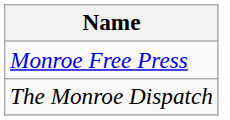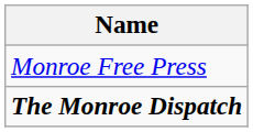 <table class="wikitable sortable">
 <tr>
 <th>Name</th>
 </tr>
 <tr>
 <td><em><a href='#'>Monroe Free Press</a></em> </td>
 </tr>
 <tr>
-<td><em>The Monroe Dispatch</em> </td>
+<td><strong><em>The Monroe Dispatch</em> </strong></td>
 </tr>
 </table>
